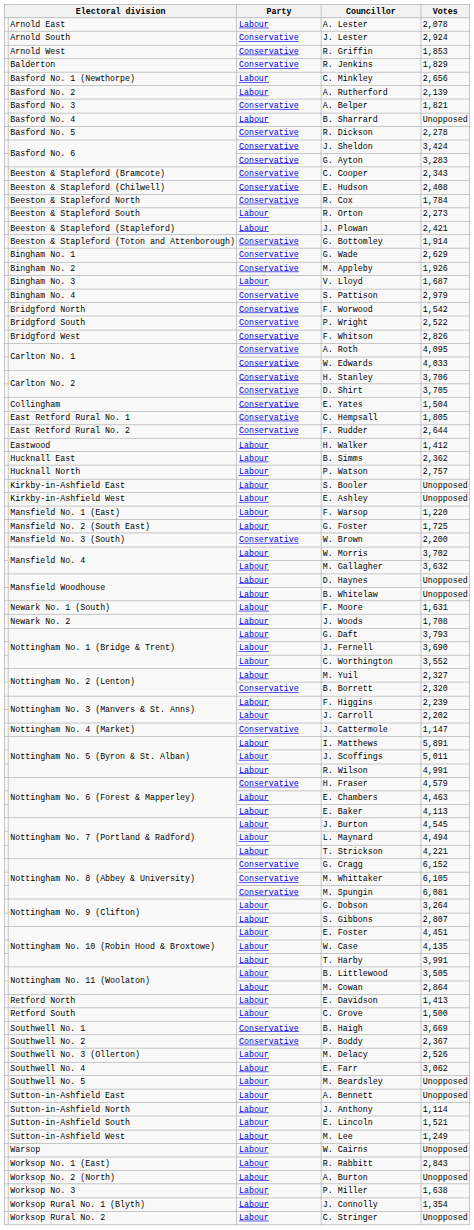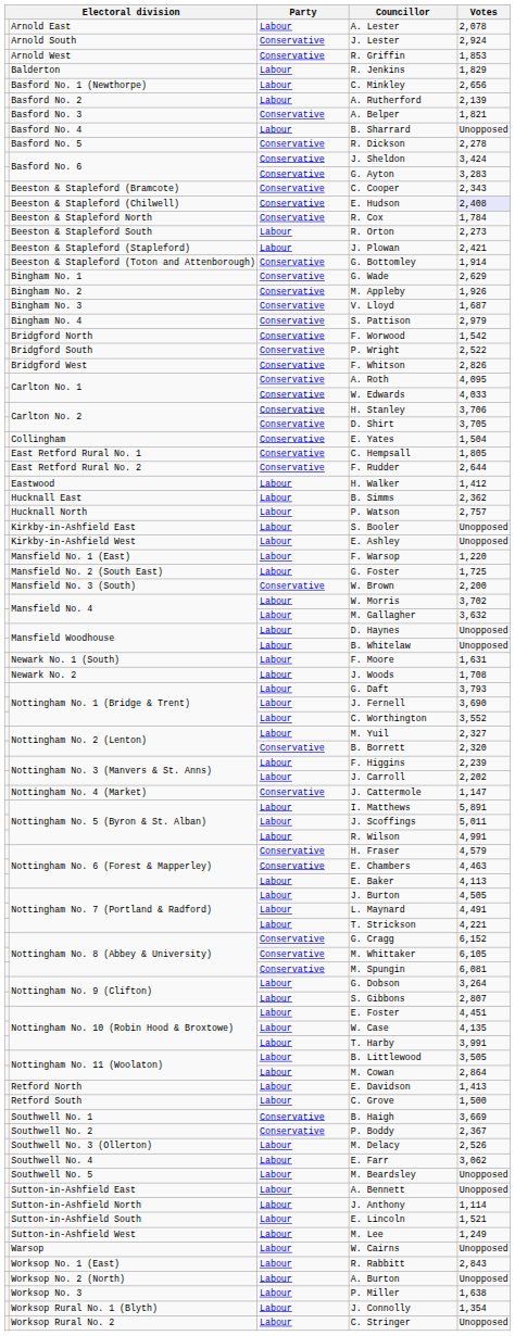 <table class="wikitable">
 <tr>
 <th colspan="2">Electoral division</th>
 <th width="125px">Party</th>
 <th width="150px">Councillor</th>
 <th width="60px">Votes</th>
 </tr>
 <tr>
 <td style="color:inherit;background:"></td>
 <td>Arnold East</td>
 <td><a href='#'>Labour</a></td>
 <td>A. Lester</td>
 <td>2,078</td>
 </tr>
 <tr>
 <td style="color:inherit;background:"></td>
 <td>Arnold South</td>
 <td><a href='#'>Conservative</a></td>
 <td>J. Lester</td>
 <td>2,924</td>
 </tr>
 <tr>
 <td style="color:inherit;background:"></td>
 <td>Arnold West</td>
 <td><a href='#'>Conservative</a></td>
 <td>R. Griffin</td>
 <td>1,853</td>
 </tr>
 <tr>
 <td style="color:inherit;background:"></td>
 <td>Balderton</td>
-<td><a href='#'>Conservative</a></td>
+<td><a href='#'>Labour</a></td>
 <td>R. Jenkins</td>
 <td>1,829</td>
 </tr>
 <tr>
 <td style="color:inherit;background:"></td>
 <td>Basford No. 1 (Newthorpe)</td>
 <td><a href='#'>Labour</a></td>
 <td>C. Minkley</td>
 <td>2,656</td>
 </tr>
 <tr>
 <td style="color:inherit;background:"></td>
 <td>Basford No. 2</td>
 <td><a href='#'>Labour</a></td>
 <td>A. Rutherford</td>
 <td>2,139</td>
 </tr>
 <tr>
 <td style="color:inherit;background:"></td>
 <td>Basford No. 3</td>
 <td><a href='#'>Conservative</a></td>
 <td>A. Belper</td>
 <td>1,821</td>
 </tr>
 <tr>
 <td style="color:inherit;background:"></td>
 <td>Basford No. 4</td>
 <td><a href='#'>Labour</a></td>
 <td>B. Sharrard</td>
 <td>Unopposed</td>
 </tr>
 <tr>
 <td style="color:inherit;background:"></td>
 <td>Basford No. 5</td>
 <td><a href='#'>Conservative</a></td>
 <td>R. Dickson</td>
 <td>2,278</td>
 </tr>
 <tr>
 <td style="color:inherit;background:"></td>
 <td rowspan="2">Basford No. 6</td>
 <td><a href='#'>Conservative</a></td>
 <td>J. Sheldon</td>
 <td>3,424</td>
 </tr>
 <tr>
 <td style="color:inherit;background:"></td>
 <td><a href='#'>Conservative</a></td>
 <td>G. Ayton</td>
 <td>3,283</td>
 </tr>
 <tr>
 <td style="color:inherit;background:"></td>
 <td>Beeston & Stapleford (Bramcote)</td>
 <td><a href='#'>Conservative</a></td>
 <td>C. Cooper</td>
 <td>2,343</td>
 </tr>
 <tr>
 <td style="color:inherit;background:"></td>
 <td>Beeston & Stapleford (Chilwell)</td>
 <td><a href='#'>Conservative</a></td>
 <td>E. Hudson</td>
-<td>2,408</td>
+<td style="background: lavender;">2,408</td>
 </tr>
 <tr>
 <td style="color:inherit;background:"></td>
 <td>Beeston & Stapleford North</td>
 <td><a href='#'>Conservative</a></td>
 <td>R. Cox</td>
 <td>1,784</td>
 </tr>
 <tr>
 <td style="color:inherit;background:"></td>
 <td>Beeston & Stapleford South</td>
 <td><a href='#'>Labour</a></td>
 <td>R. Orton</td>
 <td>2,273</td>
 </tr>
 <tr>
 <td style="color:inherit;background:"></td>
 <td>Beeston & Stapleford (Stapleford)</td>
 <td><a href='#'>Labour</a></td>
 <td>J. Plowan</td>
 <td>2,421</td>
 </tr>
 <tr>
 <td style="color:inherit;background:"></td>
 <td>Beeston & Stapleford (Toton and Attenborough)</td>
 <td><a href='#'>Conservative</a></td>
 <td>G. Bottomley</td>
 <td>1,914</td>
 </tr>
 <tr>
 <td style="color:inherit;background:"></td>
 <td>Bingham No. 1</td>
 <td><a href='#'>Conservative</a></td>
 <td>G. Wade</td>
 <td>2,629</td>
 </tr>
 <tr>
 <td style="color:inherit;background:"></td>
 <td>Bingham No. 2</td>
 <td><a href='#'>Conservative</a></td>
 <td>M. Appleby</td>
 <td>1,926</td>
 </tr>
 <tr>
 <td style="color:inherit;background:"></td>
 <td>Bingham No. 3</td>
-<td><a href='#'>Labour</a></td>
+<td><a href='#'>Conservative</a></td>
 <td>V. Lloyd</td>
 <td>1,687</td>
 </tr>
 <tr>
 <td style="color:inherit;background:"></td>
 <td>Bingham No. 4</td>
 <td><a href='#'>Conservative</a></td>
 <td>S. Pattison</td>
 <td>2,979</td>
 </tr>
 <tr>
 <td style="color:inherit;background:"></td>
 <td>Bridgford North</td>
 <td><a href='#'>Conservative</a></td>
 <td>F. Worwood</td>
 <td>1,542</td>
 </tr>
 <tr>
 <td style="color:inherit;background:"></td>
 <td>Bridgford South</td>
 <td><a href='#'>Conservative</a></td>
 <td>P. Wright</td>
 <td>2,522</td>
 </tr>
 <tr>
 <td style="color:inherit;background:"></td>
 <td>Bridgford West</td>
 <td><a href='#'>Conservative</a></td>
 <td>F. Whitson</td>
 <td>2,826</td>
 </tr>
 <tr>
 <td style="color:inherit;background:"></td>
 <td rowspan="2">Carlton No. 1</td>
 <td><a href='#'>Conservative</a></td>
 <td>A. Roth</td>
 <td>4,095</td>
 </tr>
 <tr>
 <td style="color:inherit;background:"></td>
 <td><a href='#'>Conservative</a></td>
 <td>W. Edwards</td>
 <td>4,033</td>
 </tr>
 <tr>
 <td style="color:inherit;background:"></td>
 <td rowspan="2">Carlton No. 2</td>
 <td><a href='#'>Conservative</a></td>
 <td>H. Stanley</td>
 <td>3,706</td>
 </tr>
 <tr>
 <td style="color:inherit;background:"></td>
 <td><a href='#'>Conservative</a></td>
 <td>D. Shirt</td>
 <td>3,705</td>
 </tr>
 <tr>
 <td style="color:inherit;background:"></td>
 <td>Collingham</td>
 <td><a href='#'>Conservative</a></td>
 <td>E. Yates</td>
 <td>1,504</td>
 </tr>
 <tr>
 <td style="color:inherit;background:"></td>
 <td>East Retford Rural No. 1</td>
 <td><a href='#'>Conservative</a></td>
 <td>C. Hempsall</td>
 <td>1,805</td>
 </tr>
 <tr>
 <td style="color:inherit;background:"></td>
 <td>East Retford Rural No. 2</td>
 <td><a href='#'>Conservative</a></td>
 <td>F. Rudder</td>
 <td>2,644</td>
 </tr>
 <tr>
 <td style="color:inherit;background:"></td>
 <td>Eastwood</td>
 <td><a href='#'>Labour</a></td>
 <td>H. Walker</td>
 <td>1,412</td>
 </tr>
 <tr>
 <td style="color:inherit;background:"></td>
 <td>Hucknall East</td>
 <td><a href='#'>Labour</a></td>
 <td>B. Simms</td>
 <td>2,362</td>
 </tr>
 <tr>
 <td style="color:inherit;background:"></td>
 <td>Hucknall North</td>
 <td><a href='#'>Labour</a></td>
 <td>P. Watson</td>
 <td>2,757</td>
 </tr>
 <tr>
 <td style="color:inherit;background:"></td>
 <td>Kirkby-in-Ashfield East</td>
 <td><a href='#'>Labour</a></td>
 <td>S. Booler</td>
 <td>Unopposed</td>
 </tr>
 <tr>
 <td style="color:inherit;background:"></td>
 <td>Kirkby-in-Ashfield West</td>
 <td><a href='#'>Labour</a></td>
 <td>E. Ashley</td>
 <td>Unopposed</td>
 </tr>
 <tr>
 <td style="color:inherit;background:"></td>
 <td>Mansfield No. 1 (East)</td>
 <td><a href='#'>Labour</a></td>
 <td>F. Warsop</td>
 <td>1,220</td>
 </tr>
 <tr>
 <td style="color:inherit;background:"></td>
 <td>Mansfield No. 2 (South East)</td>
 <td><a href='#'>Labour</a></td>
 <td>G. Foster</td>
 <td>1,725</td>
 </tr>
 <tr>
 <td style="color:inherit;background:"></td>
 <td>Mansfield No. 3 (South)</td>
 <td><a href='#'>Conservative</a></td>
 <td>W. Brown</td>
 <td>2,200</td>
 </tr>
 <tr>
 <td style="color:inherit;background:"></td>
 <td rowspan="2">Mansfield No. 4</td>
 <td><a href='#'>Labour</a></td>
 <td>W. Morris</td>
 <td>3,702</td>
 </tr>
 <tr>
 <td style="color:inherit;background:"></td>
 <td><a href='#'>Labour</a></td>
 <td>M. Gallagher</td>
 <td>3,632</td>
 </tr>
 <tr>
 <td style="color:inherit;background:"></td>
 <td rowspan="2">Mansfield Woodhouse</td>
 <td><a href='#'>Labour</a></td>
 <td>D. Haynes</td>
 <td>Unopposed</td>
 </tr>
 <tr>
 <td style="color:inherit;background:"></td>
 <td><a href='#'>Labour</a></td>
 <td>B. Whitelaw</td>
 <td>Unopposed</td>
 </tr>
 <tr>
 <td style="color:inherit;background:"></td>
 <td>Newark No. 1 (South)</td>
 <td><a href='#'>Labour</a></td>
 <td>F. Moore</td>
 <td>1,631</td>
 </tr>
 <tr>
 <td style="color:inherit;background:"></td>
 <td>Newark No. 2</td>
 <td><a href='#'>Labour</a></td>
 <td>J. Woods</td>
 <td>1,708</td>
 </tr>
 <tr>
 <td style="color:inherit;background:"></td>
 <td rowspan="3">Nottingham No. 1 (Bridge & Trent)</td>
 <td><a href='#'>Labour</a></td>
 <td>G. Daft</td>
 <td>3,793</td>
 </tr>
 <tr>
 <td style="color:inherit;background:"></td>
 <td><a href='#'>Labour</a></td>
 <td>J. Fernell</td>
 <td>3,690</td>
 </tr>
 <tr>
 <td style="color:inherit;background:"></td>
 <td><a href='#'>Labour</a></td>
 <td>C. Worthington</td>
 <td>3,552</td>
 </tr>
 <tr>
 <td style="color:inherit;background:"></td>
 <td rowspan="2">Nottingham No. 2 (Lenton)</td>
 <td><a href='#'>Labour</a></td>
 <td>M. Yuil</td>
 <td>2,327</td>
 </tr>
 <tr>
 <td style="color:inherit;background:"></td>
 <td><a href='#'>Conservative</a></td>
 <td>B. Borrett</td>
 <td>2,320</td>
 </tr>
 <tr>
 <td style="color:inherit;background:"></td>
 <td rowspan="2">Nottingham No. 3 (Manvers & St. Anns)</td>
 <td><a href='#'>Labour</a></td>
 <td>F. Higgins</td>
 <td>2,239</td>
 </tr>
 <tr>
 <td style="color:inherit;background:"></td>
 <td><a href='#'>Labour</a></td>
 <td>J. Carroll</td>
 <td>2,202</td>
 </tr>
 <tr>
 <td style="color:inherit;background:"></td>
 <td>Nottingham No. 4 (Market)</td>
 <td><a href='#'>Conservative</a></td>
 <td>J. Cattermole</td>
 <td>1,147</td>
 </tr>
 <tr>
 <td style="color:inherit;background:"></td>
 <td rowspan="3">Nottingham No. 5 (Byron & St. Alban)</td>
 <td><a href='#'>Labour</a></td>
 <td>I. Matthews</td>
 <td>5,891</td>
 </tr>
 <tr>
 <td style="color:inherit;background:"></td>
 <td><a href='#'>Labour</a></td>
 <td>J. Scoffings</td>
 <td>5,011</td>
 </tr>
 <tr>
 <td style="color:inherit;background:"></td>
 <td><a href='#'>Labour</a></td>
 <td>R. Wilson</td>
 <td>4,991</td>
 </tr>
 <tr>
 <td style="color:inherit;background:"></td>
 <td rowspan="3">Nottingham No. 6 (Forest & Mapperley)</td>
 <td><a href='#'>Conservative</a></td>
 <td>H. Fraser</td>
 <td>4,579</td>
 </tr>
 <tr>
 <td style="color:inherit;background:"></td>
-<td><a href='#'>Labour</a></td>
+<td><a href='#'>Conservative</a></td>
 <td>E. Chambers</td>
 <td>4,463</td>
 </tr>
 <tr>
 <td style="color:inherit;background:"></td>
 <td><a href='#'>Labour</a></td>
 <td>E. Baker</td>
 <td>4,113</td>
 </tr>
 <tr>
 <td style="color:inherit;background:"></td>
 <td rowspan="3">Nottingham No. 7 (Portland & Radford)</td>
 <td><a href='#'>Labour</a></td>
 <td>J. Burton</td>
-<td>4,545</td>
+<td>4,505</td>
 </tr>
 <tr>
 <td style="color:inherit;background:"></td>
 <td><a href='#'>Labour</a></td>
 <td>L. Maynard</td>
-<td>4,494</td>
+<td>4,491</td>
 </tr>
 <tr>
 <td style="color:inherit;background:"></td>
 <td><a href='#'>Labour</a></td>
 <td>T. Strickson</td>
 <td>4,221</td>
 </tr>
 <tr>
 <td style="color:inherit;background:"></td>
 <td rowspan="3">Nottingham No. 8 (Abbey & University)</td>
 <td><a href='#'>Conservative</a></td>
 <td>G. Cragg</td>
 <td>6,152</td>
 </tr>
 <tr>
 <td style="color:inherit;background:"></td>
 <td><a href='#'>Conservative</a></td>
 <td>M. Whittaker</td>
 <td>6,105</td>
 </tr>
 <tr>
 <td style="color:inherit;background:"></td>
 <td><a href='#'>Conservative</a></td>
 <td>M. Spungin</td>
 <td>6,081</td>
 </tr>
 <tr>
 <td style="color:inherit;background:"></td>
 <td rowspan="2">Nottingham No. 9 (Clifton)</td>
 <td><a href='#'>Labour</a></td>
 <td>G. Dobson</td>
 <td>3,264</td>
 </tr>
 <tr>
 <td style="color:inherit;background:"></td>
 <td><a href='#'>Labour</a></td>
 <td>S. Gibbons</td>
 <td>2,807</td>
 </tr>
 <tr>
 <td style="color:inherit;background:"></td>
 <td rowspan="3">Nottingham No. 10 (Robin Hood & Broxtowe)</td>
 <td><a href='#'>Labour</a></td>
 <td>E. Foster</td>
 <td>4,451</td>
 </tr>
 <tr>
 <td style="color:inherit;background:"></td>
 <td><a href='#'>Labour</a></td>
 <td>W. Case</td>
 <td>4,135</td>
 </tr>
 <tr>
 <td style="color:inherit;background:"></td>
 <td><a href='#'>Labour</a></td>
 <td>T. Harby</td>
 <td>3,991</td>
 </tr>
 <tr>
 <td style="color:inherit;background:"></td>
 <td rowspan="2">Nottingham No. 11 (Woolaton)</td>
 <td><a href='#'>Labour</a></td>
 <td>B. Littlewood</td>
 <td>3,505</td>
 </tr>
 <tr>
 <td style="color:inherit;background:"></td>
 <td><a href='#'>Labour</a></td>
 <td>M. Cowan</td>
 <td>2,864</td>
 </tr>
 <tr>
 <td style="color:inherit;background:"></td>
 <td>Retford North</td>
 <td><a href='#'>Labour</a></td>
 <td>E. Davidson</td>
 <td>1,413</td>
 </tr>
 <tr>
 <td style="color:inherit;background:"></td>
 <td>Retford South</td>
 <td><a href='#'>Labour</a></td>
 <td>C. Grove</td>
 <td>1,500</td>
 </tr>
 <tr>
 <td style="color:inherit;background:"></td>
 <td>Southwell No. 1</td>
 <td><a href='#'>Conservative</a></td>
 <td>B. Haigh</td>
 <td>3,669</td>
 </tr>
 <tr>
 <td style="color:inherit;background:"></td>
 <td>Southwell No. 2</td>
 <td><a href='#'>Conservative</a></td>
 <td>P. Boddy</td>
 <td>2,367</td>
 </tr>
 <tr>
 <td style="color:inherit;background:"></td>
 <td>Southwell No. 3 (Ollerton)</td>
 <td><a href='#'>Labour</a></td>
 <td>M. Delacy</td>
 <td>2,526</td>
 </tr>
 <tr>
 <td style="color:inherit;background:"></td>
 <td>Southwell No. 4</td>
 <td><a href='#'>Labour</a></td>
 <td>E. Farr</td>
 <td>3,062</td>
 </tr>
 <tr>
 <td style="color:inherit;background:"></td>
 <td>Southwell No. 5</td>
 <td><a href='#'>Labour</a></td>
 <td>M. Beardsley</td>
 <td>Unopposed</td>
 </tr>
 <tr>
 <td style="color:inherit;background:"></td>
 <td>Sutton-in-Ashfield East</td>
 <td><a href='#'>Labour</a></td>
 <td>A. Bennett</td>
 <td>Unopposed</td>
 </tr>
 <tr>
 <td style="color:inherit;background:"></td>
 <td>Sutton-in-Ashfield North</td>
 <td><a href='#'>Labour</a></td>
 <td>J. Anthony</td>
 <td>1,114</td>
 </tr>
 <tr>
 <td style="color:inherit;background:"></td>
 <td>Sutton-in-Ashfield South</td>
 <td><a href='#'>Labour</a></td>
 <td>E. Lincoln</td>
 <td>1,521</td>
 </tr>
 <tr>
 <td style="color:inherit;background:"></td>
 <td>Sutton-in-Ashfield West</td>
 <td><a href='#'>Labour</a></td>
 <td>M. Lee</td>
 <td>1,249</td>
 </tr>
 <tr>
 <td style="color:inherit;background:"></td>
 <td>Warsop</td>
 <td><a href='#'>Labour</a></td>
 <td>W. Cairns</td>
 <td>Unopposed</td>
 </tr>
 <tr>
 <td style="color:inherit;background:"></td>
 <td>Worksop No. 1 (East)</td>
 <td><a href='#'>Labour</a></td>
 <td>R. Rabbitt</td>
 <td>2,843</td>
 </tr>
 <tr>
 <td style="color:inherit;background:"></td>
 <td>Worksop No. 2 (North)</td>
 <td><a href='#'>Labour</a></td>
 <td>A. Burton</td>
 <td>Unopposed</td>
 </tr>
 <tr>
 <td style="color:inherit;background:"></td>
 <td>Worksop No. 3</td>
 <td><a href='#'>Labour</a></td>
 <td>P. Miller</td>
 <td>1,638</td>
 </tr>
 <tr>
 <td style="color:inherit;background:"></td>
 <td>Worksop Rural No. 1 (Blyth)</td>
 <td><a href='#'>Labour</a></td>
 <td>J. Connolly</td>
 <td>1,354</td>
 </tr>
 <tr>
 <td style="color:inherit;background:"></td>
 <td>Worksop Rural No. 2</td>
 <td><a href='#'>Labour</a></td>
 <td>C. Stringer</td>
 <td>Unopposed</td>
 </tr>
 </table>
